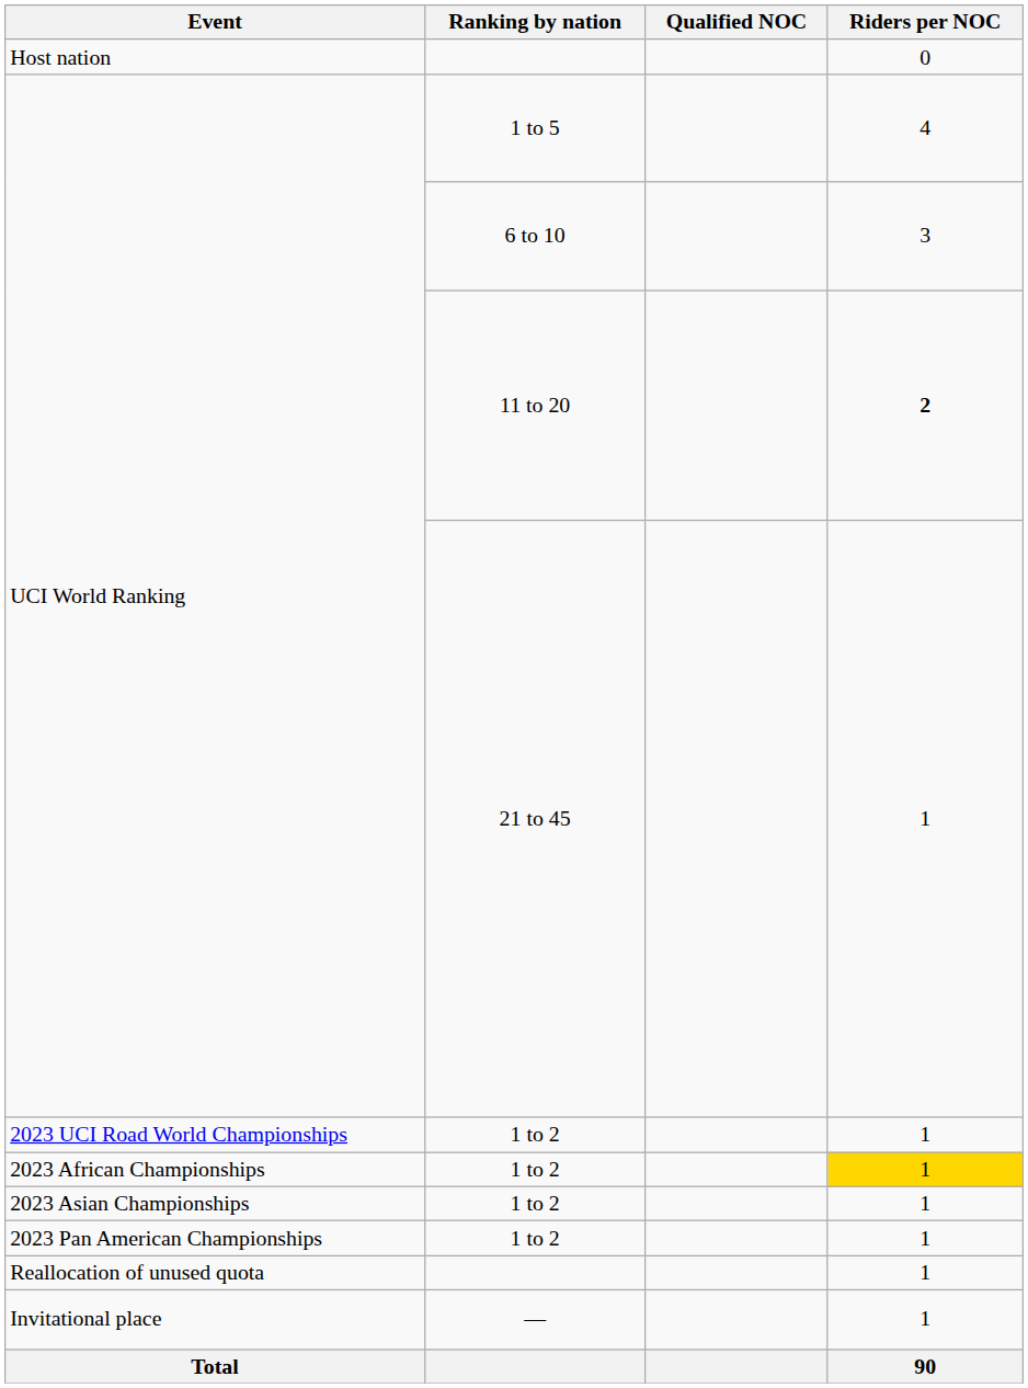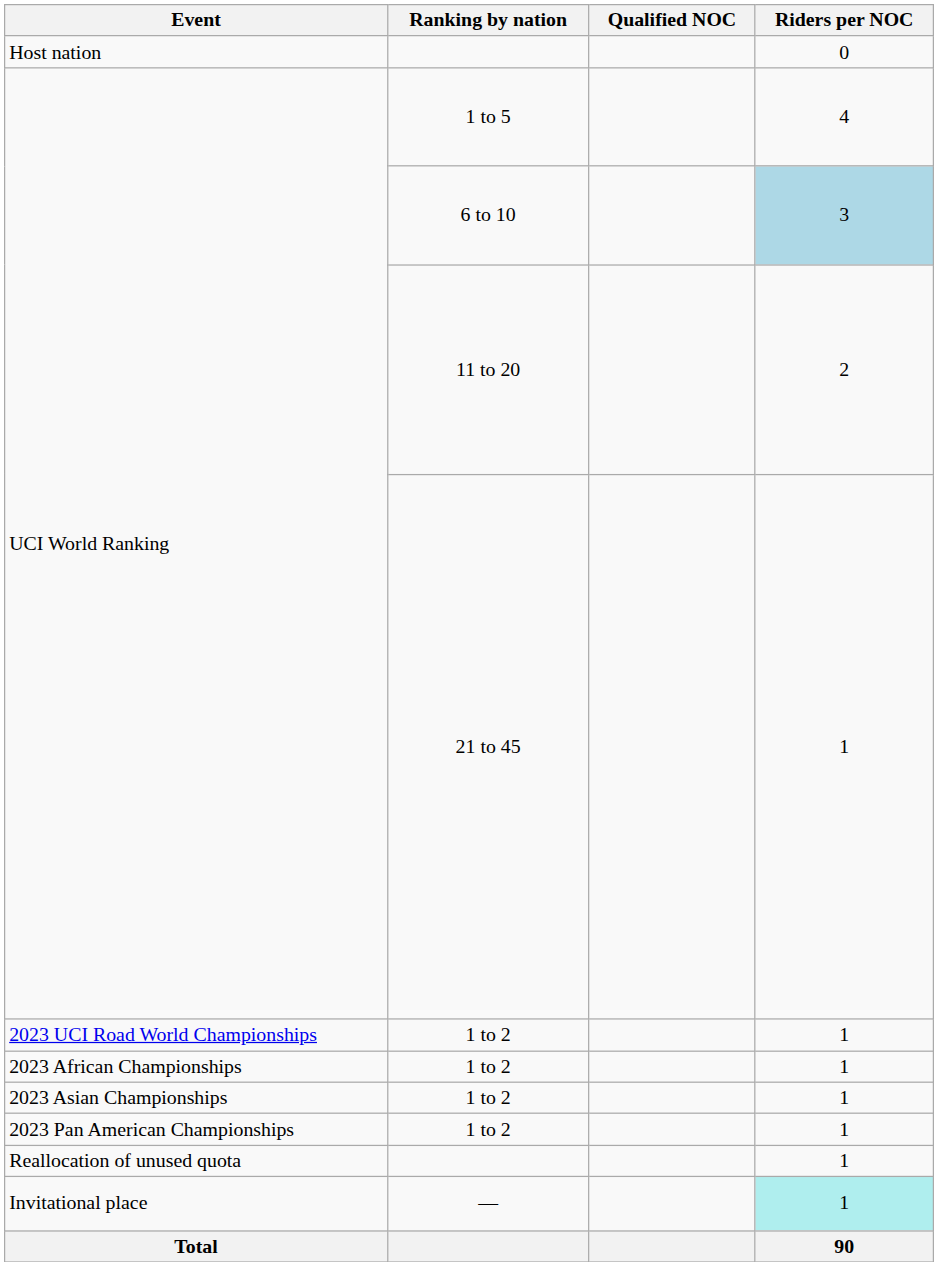 <table class="wikitable"  style="width:750px; text-align:center;">
 <tr>
 <th>Event</th>
 <th>Ranking by nation</th>
 <th>Qualified NOC</th>
 <th>Riders per NOC</th>
 </tr>
 <tr>
 <td align=left>Host nation</td>
 <td></td>
 <td></td>
 <td>0</td>
 </tr>
 <tr>
 <td rowspan=4 align=left>UCI World Ranking</td>
 <td>1 to 5</td>
 <td align="left"><br><br><br><br></td>
 <td>4</td>
 </tr>
 <tr>
 <td>6 to 10</td>
 <td align="left"><br><br><br><br></td>
-<td>3</td>
+<td style="background: lightblue;">3</td>
 </tr>
 <tr>
 <td>11 to 20</td>
 <td align="left"><br><br><br><br><br><br><br><br><br></td>
-<td><strong>2</strong></td>
+<td>2</td>
 </tr>
 <tr>
 <td>21 to 45</td>
 <td align="left"><br><br><br><br><br><br><br><br><br><br><br><br><br><br><br><br><br><br><br><br><br><br><br><br></td>
 <td>1</td>
 </tr>
 <tr>
 <td align=left><a href='#'>2023 UCI Road World Championships</a></td>
 <td>1 to 2</td>
 <td align="left"><br></td>
 <td>1</td>
 </tr>
 <tr>
 <td align=left>2023 African Championships</td>
 <td>1 to 2</td>
 <td align="left"><br></td>
-<td style="background: gold;">1</td>
+<td>1</td>
 </tr>
 <tr>
 <td align=left>2023 Asian Championships</td>
 <td>1 to 2</td>
 <td align="left"><br></td>
 <td>1</td>
 </tr>
 <tr>
 <td align=left>2023 Pan American Championships</td>
 <td>1 to 2</td>
 <td align="left"><br></td>
 <td>1</td>
 </tr>
 <tr>
 <td align=left>Reallocation of unused quota</td>
 <td></td>
 <td align="left"><br></td>
 <td>1</td>
 </tr>
 <tr>
 <td align=left>Invitational place</td>
 <td>—</td>
 <td align="left"><br><br></td>
-<td>1</td>
+<td style="background: paleturquoise;">1</td>
 </tr>
 <tr>
 <th>Total</th>
 <th></th>
 <th></th>
 <th>90</th>
 </tr>
 </table>
